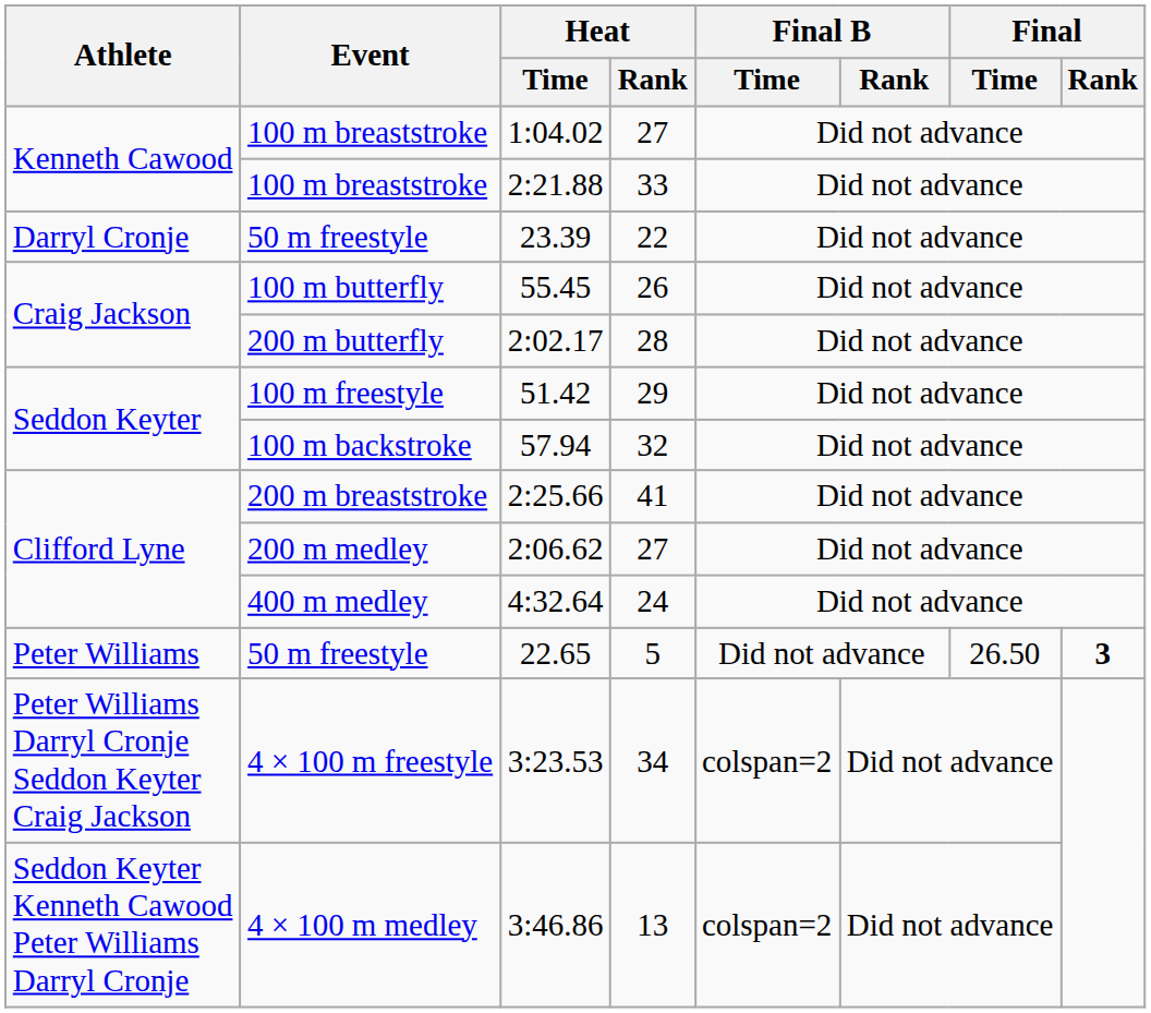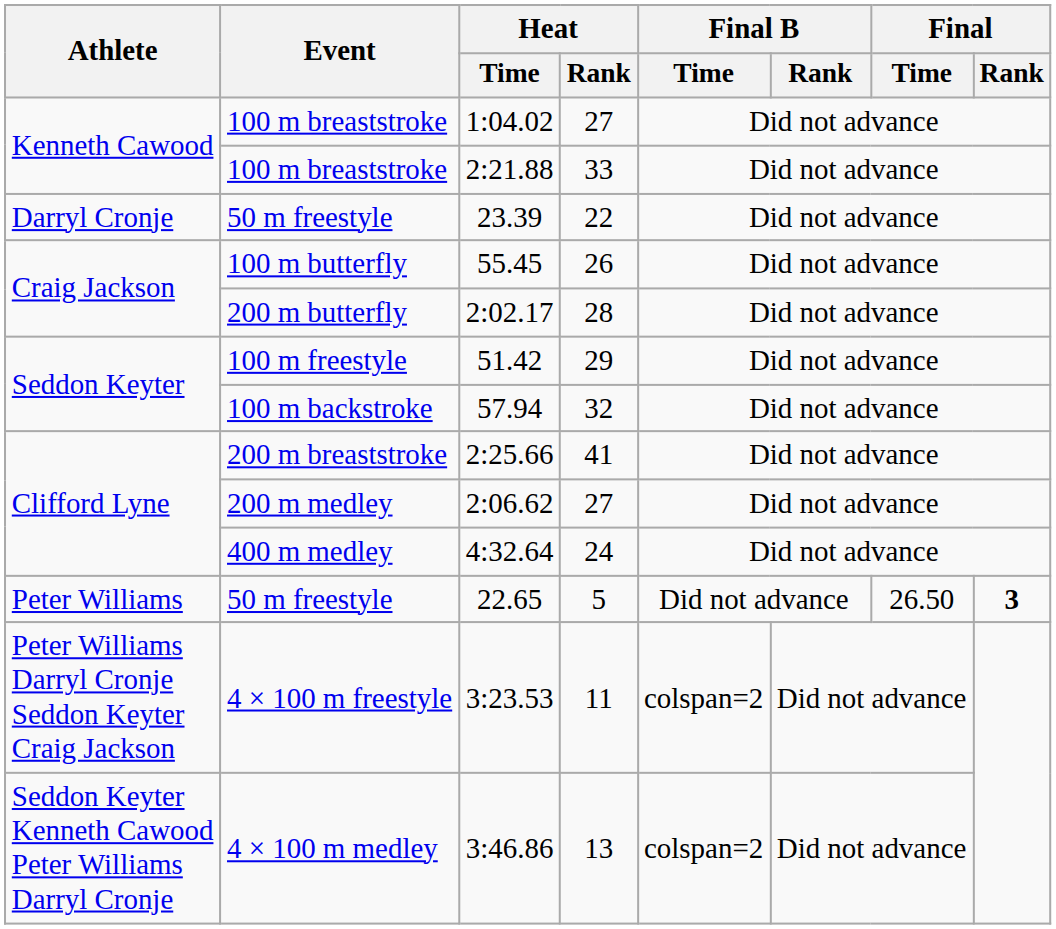 <table class=wikitable style="font-size:90%">
 <tr>
 <th rowspan="2">Athlete</th>
 <th rowspan="2">Event</th>
 <th colspan="2">Heat</th>
 <th colspan="2">Final B</th>
 <th colspan="2">Final</th>
 </tr>
 <tr style="font-size:95%">
 <th>Time</th>
 <th>Rank</th>
 <th>Time</th>
 <th>Rank</th>
 <th>Time</th>
 <th>Rank</th>
 </tr>
 <tr align=center>
 <td align=left rowspan=2><a href='#'>Kenneth Cawood</a></td>
 <td align=left><a href='#'>100 m breaststroke</a></td>
 <td>1:04.02</td>
 <td>27</td>
 <td colspan=6>Did not advance</td>
 </tr>
 <tr align=center>
 <td align=left><a href='#'>100 m breaststroke</a></td>
 <td>2:21.88</td>
 <td>33</td>
 <td colspan=6>Did not advance</td>
 </tr>
 <tr align=center>
 <td align=left><a href='#'>Darryl Cronje</a></td>
 <td align=left><a href='#'>50 m freestyle</a></td>
 <td>23.39</td>
 <td>22</td>
 <td colspan=6>Did not advance</td>
 </tr>
 <tr align=center>
 <td align=left rowspan=2><a href='#'>Craig Jackson</a></td>
 <td align=left><a href='#'>100 m butterfly</a></td>
 <td>55.45</td>
 <td>26</td>
 <td colspan=6>Did not advance</td>
 </tr>
 <tr align=center>
 <td align=left><a href='#'>200 m butterfly</a></td>
 <td>2:02.17</td>
 <td>28</td>
 <td colspan=6>Did not advance</td>
 </tr>
 <tr align=center>
 <td align=left rowspan=2><a href='#'>Seddon Keyter</a></td>
 <td align=left><a href='#'>100 m freestyle</a></td>
 <td>51.42</td>
 <td>29</td>
 <td colspan=6>Did not advance</td>
 </tr>
 <tr align=center>
 <td align=left><a href='#'>100 m backstroke</a></td>
 <td>57.94</td>
 <td>32</td>
 <td colspan=6>Did not advance</td>
 </tr>
 <tr align=center>
 <td align=left rowspan=3><a href='#'>Clifford Lyne</a></td>
 <td align=left><a href='#'>200 m breaststroke</a></td>
 <td>2:25.66</td>
 <td>41</td>
 <td colspan=6>Did not advance</td>
 </tr>
 <tr align=center>
 <td align=left><a href='#'>200 m medley</a></td>
 <td>2:06.62</td>
 <td>27</td>
 <td colspan=6>Did not advance</td>
 </tr>
 <tr align=center>
 <td align=left><a href='#'>400 m medley</a></td>
 <td>4:32.64</td>
 <td>24</td>
 <td colspan=6>Did not advance</td>
 </tr>
 <tr align=center>
 <td align=left><a href='#'>Peter Williams</a></td>
 <td align=left><a href='#'>50 m freestyle</a></td>
 <td>22.65</td>
 <td>5</td>
 <td colspan=2>Did not advance</td>
 <td>26.50</td>
 <td><strong>3</strong></td>
 </tr>
 <tr align=center>
 <td align=left rowspan=1><a href='#'>Peter Williams</a><br> <a href='#'>Darryl Cronje</a><br><a href='#'>Seddon Keyter</a><br><a href='#'>Craig Jackson</a></td>
 <td align=left><a href='#'>4 × 100 m freestyle</a></td>
 <td>3:23.53</td>
-<td>34</td>
+<td>11</td>
 <td>colspan=2 </td>
 <td colspan=2>Did not advance</td>
 </tr>
 <tr align=center>
 <td align=left rowspan=1><a href='#'>Seddon Keyter</a><br><a href='#'>Kenneth Cawood</a><br><a href='#'>Peter Williams</a><br><a href='#'>Darryl Cronje</a></td>
 <td align=left><a href='#'>4 × 100 m medley</a></td>
 <td>3:46.86</td>
 <td>13</td>
 <td>colspan=2 </td>
 <td colspan=2>Did not advance</td>
 </tr>
 </table>
